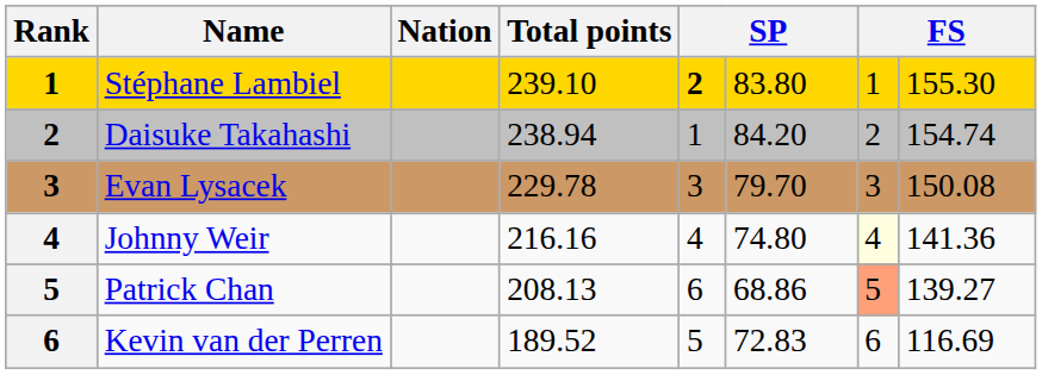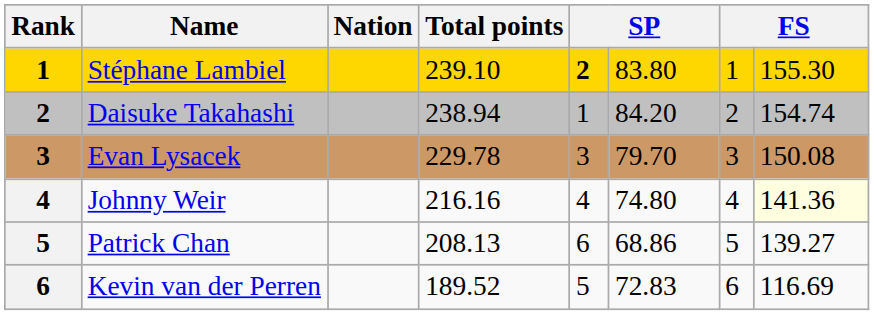 <table class="wikitable">
 <tr>
 <th>Rank</th>
 <th>Name</th>
 <th>Nation</th>
 <th>Total points</th>
 <th colspan="2" width="80px"><a href='#'>SP</a></th>
 <th colspan="2" width="80px"><a href='#'>FS</a></th>
 </tr>
 <tr bgcolor="gold">
 <td align="center"><strong>1</strong></td>
 <td><a href='#'>Stéphane Lambiel</a></td>
 <td></td>
 <td>239.10</td>
 <td><strong>2</strong></td>
 <td>83.80</td>
 <td>1</td>
 <td>155.30</td>
 </tr>
 <tr bgcolor="silver">
 <td align="center"><strong>2</strong></td>
 <td><a href='#'>Daisuke Takahashi</a></td>
 <td></td>
 <td>238.94</td>
 <td>1</td>
 <td>84.20</td>
 <td>2</td>
 <td>154.74</td>
 </tr>
 <tr bgcolor="cc9966">
 <td align="center"><strong>3</strong></td>
 <td><a href='#'>Evan Lysacek</a></td>
 <td></td>
 <td>229.78</td>
 <td>3</td>
 <td>79.70</td>
 <td>3</td>
 <td>150.08</td>
 </tr>
 <tr>
 <th>4</th>
 <td><a href='#'>Johnny Weir</a></td>
 <td></td>
 <td>216.16</td>
 <td>4</td>
 <td>74.80</td>
-<td style="background: lightyellow;">4</td>
-<td>141.36</td>
+<td>4</td>
+<td style="background: lightyellow;">141.36</td>
 </tr>
 <tr>
 <th>5</th>
 <td><a href='#'>Patrick Chan</a></td>
 <td></td>
 <td>208.13</td>
 <td>6</td>
 <td>68.86</td>
-<td style="background: lightsalmon;">5</td>
+<td>5</td>
 <td>139.27</td>
 </tr>
 <tr>
 <th>6</th>
 <td><a href='#'>Kevin van der Perren</a></td>
 <td></td>
 <td>189.52</td>
 <td>5</td>
 <td>72.83</td>
 <td>6</td>
 <td>116.69</td>
 </tr>
 </table>
